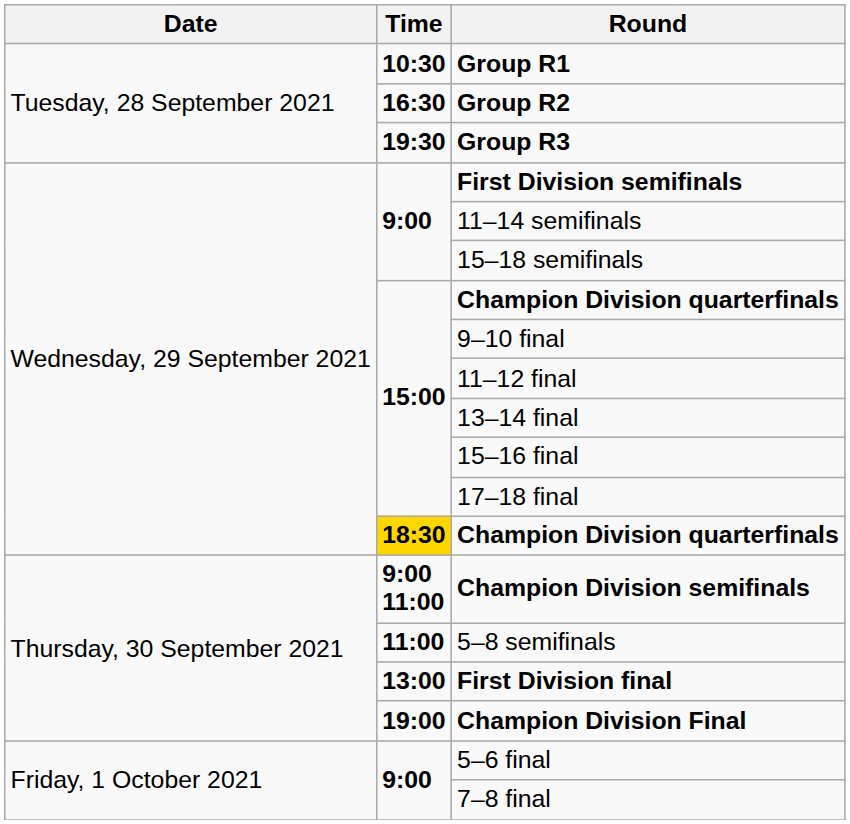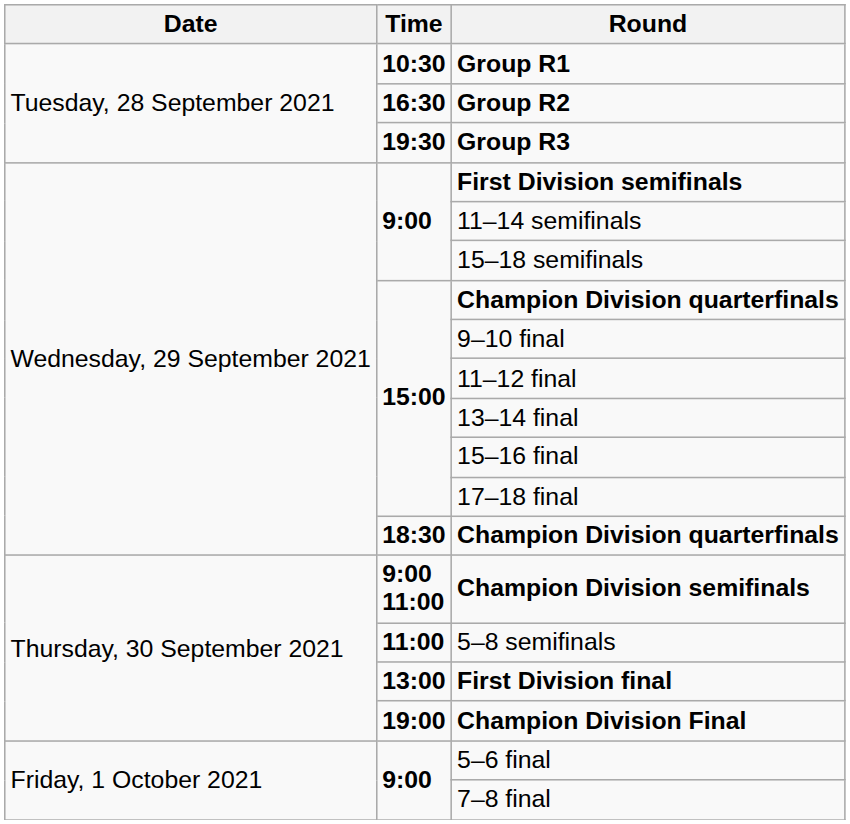 <table class="wikitable">
 <tr>
 <th>Date</th>
 <th>Time</th>
 <th>Round</th>
 </tr>
 <tr>
 <td rowspan=3>Tuesday, 28 September 2021</td>
 <td><strong>10:30</strong></td>
 <td><strong>Group R1</strong></td>
 </tr>
 <tr>
 <td><strong>16:30</strong></td>
 <td><strong>Group R2</strong></td>
 </tr>
 <tr>
 <td><strong>19:30</strong></td>
 <td><strong>Group R3</strong></td>
 </tr>
 <tr>
 <td rowspan=10>Wednesday, 29 September 2021</td>
 <td rowspan=3><strong>9:00</strong></td>
 <td><strong>First Division semifinals</strong></td>
 </tr>
 <tr>
 <td>11–14 semifinals</td>
 </tr>
 <tr>
 <td>15–18 semifinals</td>
 </tr>
 <tr>
 <td rowspan=6><strong>15:00</strong></td>
 <td><strong>Champion Division quarterfinals</strong></td>
 </tr>
 <tr>
 <td>9–10 final</td>
 </tr>
 <tr>
 <td>11–12 final</td>
 </tr>
 <tr>
 <td>13–14 final</td>
 </tr>
 <tr>
 <td>15–16 final</td>
 </tr>
 <tr>
 <td>17–18 final</td>
 </tr>
 <tr>
-<td style="background: gold;"><strong>18:30</strong></td>
+<td><strong>18:30</strong></td>
 <td><strong>Champion Division quarterfinals</strong></td>
 </tr>
 <tr>
 <td rowspan=4>Thursday, 30 September 2021</td>
 <td><strong>9:00<br>11:00</strong></td>
 <td><strong>Champion Division semifinals</strong></td>
 </tr>
 <tr>
 <td><strong>11:00</strong></td>
 <td>5–8 semifinals</td>
 </tr>
 <tr>
 <td><strong>13:00</strong></td>
 <td><strong>First Division final</strong></td>
 </tr>
 <tr>
 <td><strong>19:00</strong></td>
 <td><strong>Champion Division Final</strong></td>
 </tr>
 <tr>
 <td rowspan=4>Friday, 1 October 2021</td>
 <td rowspan=2><strong>9:00</strong></td>
 <td>5–6 final</td>
 </tr>
 <tr>
 <td>7–8 final</td>
 </tr>
 </table>
